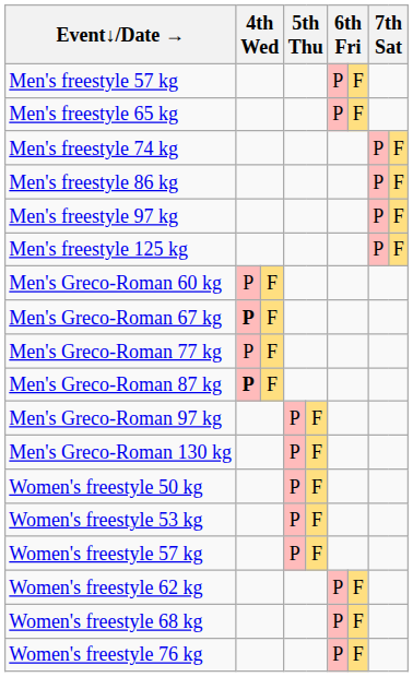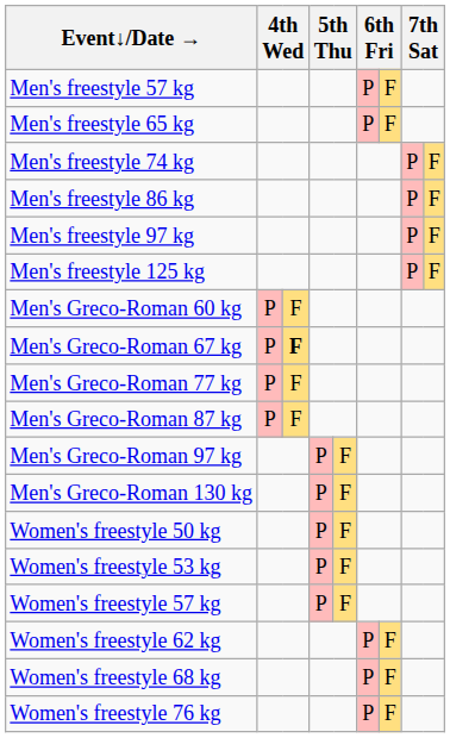 <table class="wikitable" style="margin:0.5em auto; font-size:90%; line-height:1.25em; text-align:center;">
 <tr>
 <th>Event↓/Date →</th>
 <th colspan=2>4th<br>Wed</th>
 <th colspan=2>5th<br>Thu</th>
 <th colspan=2>6th<br>Fri</th>
 <th colspan=2>7th<br>Sat</th>
 </tr>
 <tr>
 <td align="left"><a href='#'>Men's freestyle 57 kg</a></td>
 <td colspan=2></td>
 <td colspan=2></td>
 <td bgcolor="#FFBBBB">P</td>
 <td bgcolor="#FFDF80">F</td>
 <td colspan=2></td>
 </tr>
 <tr>
 <td align="left"><a href='#'>Men's freestyle 65 kg</a></td>
 <td colspan=2></td>
 <td colspan=2></td>
 <td bgcolor="#FFBBBB">P</td>
 <td bgcolor="#FFDF80">F</td>
 <td colspan=2></td>
 </tr>
 <tr>
 <td align="left"><a href='#'>Men's freestyle 74 kg</a></td>
 <td colspan=2></td>
 <td colspan=2></td>
 <td colspan=2></td>
 <td bgcolor="#FFBBBB">P</td>
 <td bgcolor="#FFDF80">F</td>
 </tr>
 <tr>
 <td align="left"><a href='#'>Men's freestyle 86 kg</a></td>
 <td colspan=2></td>
 <td colspan=2></td>
 <td colspan=2></td>
 <td bgcolor="#FFBBBB">P</td>
 <td bgcolor="#FFDF80">F</td>
 </tr>
 <tr>
 <td align="left"><a href='#'>Men's freestyle 97 kg</a></td>
 <td colspan=2></td>
 <td colspan=2></td>
 <td colspan=2></td>
 <td bgcolor="#FFBBBB">P</td>
 <td bgcolor="#FFDF80">F</td>
 </tr>
 <tr>
 <td align="left"><a href='#'>Men's freestyle 125 kg</a></td>
 <td colspan=2></td>
 <td colspan=2></td>
 <td colspan=2></td>
 <td bgcolor="#FFBBBB">P</td>
 <td bgcolor="#FFDF80">F</td>
 </tr>
 <tr>
 <td align="left"><a href='#'>Men's Greco-Roman 60 kg</a></td>
 <td bgcolor="#FFBBBB">P</td>
 <td bgcolor="#FFDF80">F</td>
 <td colspan=2></td>
 <td colspan=2></td>
 <td colspan=2></td>
 </tr>
 <tr>
 <td align="left"><a href='#'>Men's Greco-Roman 67 kg</a></td>
-<td bgcolor="#FFBBBB"><strong>P</strong></td>
-<td bgcolor="#FFDF80">F</td>
+<td bgcolor="#FFBBBB">P</td>
+<td bgcolor="#FFDF80"><strong>F</strong></td>
 <td colspan=2></td>
 <td colspan=2></td>
 <td colspan=2></td>
 </tr>
 <tr>
 <td align="left"><a href='#'>Men's Greco-Roman 77 kg</a></td>
 <td bgcolor="#FFBBBB">P</td>
 <td bgcolor="#FFDF80">F</td>
 <td colspan=2></td>
 <td colspan=2></td>
 <td colspan=2></td>
 </tr>
 <tr>
 <td align="left"><a href='#'>Men's Greco-Roman 87 kg</a></td>
-<td bgcolor="#FFBBBB"><strong>P</strong></td>
+<td bgcolor="#FFBBBB">P</td>
 <td bgcolor="#FFDF80">F</td>
 <td colspan=2></td>
 <td colspan=2></td>
 <td colspan=2></td>
 </tr>
 <tr>
 <td align="left"><a href='#'>Men's Greco-Roman 97 kg</a></td>
 <td colspan=2></td>
 <td bgcolor="#FFBBBB">P</td>
 <td bgcolor="#FFDF80">F</td>
 <td colspan=2></td>
 <td colspan=2></td>
 </tr>
 <tr>
 <td align="left"><a href='#'>Men's Greco-Roman 130 kg</a></td>
 <td colspan=2></td>
 <td bgcolor="#FFBBBB">P</td>
 <td bgcolor="#FFDF80">F</td>
 <td colspan=2></td>
 <td colspan=2></td>
 </tr>
 <tr>
 <td align="left"><a href='#'>Women's freestyle 50 kg</a></td>
 <td colspan=2></td>
 <td bgcolor="#FFBBBB">P</td>
 <td bgcolor="#FFDF80">F</td>
 <td colspan=2></td>
 <td colspan=2></td>
 </tr>
 <tr>
 <td align="left"><a href='#'>Women's freestyle 53 kg</a></td>
 <td colspan=2></td>
 <td bgcolor="#FFBBBB">P</td>
 <td bgcolor="#FFDF80">F</td>
 <td colspan=2></td>
 <td colspan=2></td>
 </tr>
 <tr>
 <td align="left"><a href='#'>Women's freestyle 57 kg</a></td>
 <td colspan=2></td>
 <td bgcolor="#FFBBBB">P</td>
 <td bgcolor="#FFDF80">F</td>
 <td colspan=2></td>
 <td colspan=2></td>
 </tr>
 <tr>
 <td align="left"><a href='#'>Women's freestyle 62 kg</a></td>
 <td colspan=2></td>
 <td colspan=2></td>
 <td bgcolor="#FFBBBB">P</td>
 <td bgcolor="#FFDF80">F</td>
 <td colspan=2></td>
 </tr>
 <tr>
 <td align="left"><a href='#'>Women's freestyle 68 kg</a></td>
 <td colspan=2></td>
 <td colspan=2></td>
 <td bgcolor="#FFBBBB">P</td>
 <td bgcolor="#FFDF80">F</td>
 <td colspan=2></td>
 </tr>
 <tr>
 <td align="left"><a href='#'>Women's freestyle 76 kg</a></td>
 <td colspan=2></td>
 <td colspan=2></td>
 <td bgcolor="#FFBBBB">P</td>
 <td bgcolor="#FFDF80">F</td>
 <td colspan=2></td>
 </tr>
 </table>
